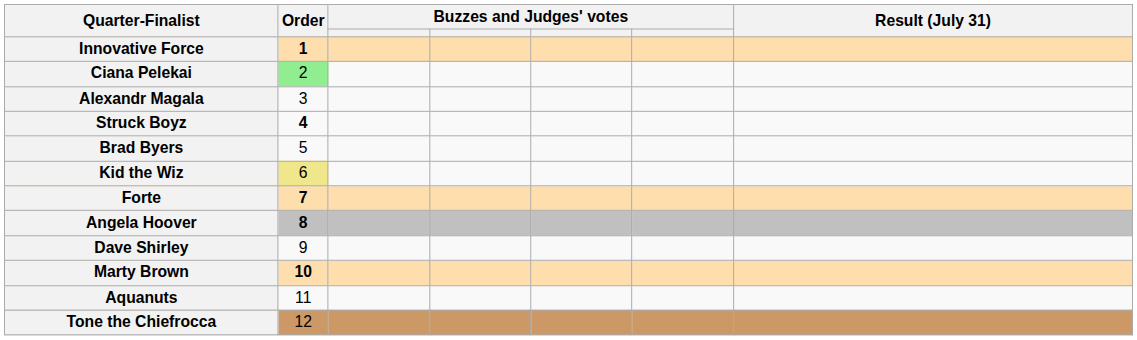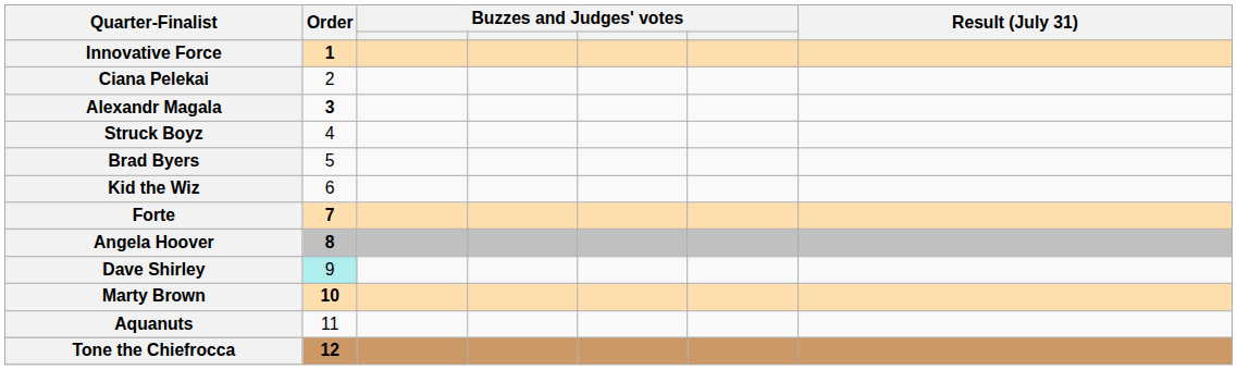 <table class="wikitable plainrowheaders sortable" style="text-align:center;">
 <tr>
 <th scope="col" rowspan="2" class="unsortable" style="width:17em;">Quarter-Finalist</th>
 <th scope="col" rowspan="2" style="width:1em;">Order</th>
 <th scope="col" colspan="4" class="unsortable" style="width:24em;">Buzzes and Judges' votes</th>
 <th scope="col" rowspan="2" style="width:25em;">Result (July 31)</th>
 </tr>
 <tr>
 <th scope="col" class="unsortable" style="width:6em;"></th>
 <th scope="col" class="unsortable" style="width:6em;"></th>
 <th scope="col" class="unsortable" style="width:6em;"></th>
 <th scope="col" class="unsortable" style="width:6em;"></th>
 </tr>
 <tr style="background:NavajoWhite">
 <th scope="row"><strong>Innovative Force</strong></th>
 <td><strong>1</strong></td>
 <td style="text-align:center;"></td>
 <td style="text-align:center;"></td>
 <td style="text-align:center;"></td>
 <td style="text-align:center;"></td>
 <td><strong></strong></td>
 </tr>
 <tr>
 <th scope="row">Ciana Pelekai</th>
-<td style="background: lightgreen;">2</td>
+<td>2</td>
 <td style="text-align:center;"></td>
 <td style="text-align:center;"></td>
 <td style="text-align:center;"></td>
 <td style="text-align:center;"></td>
 <td></td>
 </tr>
 <tr>
 <th scope="row">Alexandr Magala</th>
-<td>3</td>
+<td><strong>3</strong></td>
 <td style="text-align:center;"></td>
 <td style="text-align:center;"></td>
 <td style="text-align:center;"></td>
 <td style="text-align:center;"></td>
 <td></td>
 </tr>
 <tr>
 <th scope="row">Struck Boyz</th>
-<td><strong>4</strong></td>
+<td>4</td>
 <td style="text-align:center;"></td>
 <td style="text-align:center;"></td>
 <td style="text-align:center;"></td>
 <td style="text-align:center;"></td>
 <td></td>
 </tr>
 <tr>
 <th scope="row">Brad Byers</th>
 <td>5</td>
 <td style="text-align:center;"></td>
 <td style="text-align:center;"></td>
 <td style="text-align:center;"></td>
 <td style="text-align:center;"></td>
 <td></td>
 </tr>
 <tr>
 <th scope="row">Kid the Wiz</th>
-<td style="background: khaki;">6</td>
+<td>6</td>
 <td style="text-align:center;"></td>
 <td style="text-align:center;"></td>
 <td style="text-align:center;"></td>
 <td style="text-align:center;"></td>
 <td></td>
 </tr>
 <tr style="background:NavajoWhite">
 <th scope="row"><strong>Forte</strong></th>
 <td><strong>7</strong></td>
 <td style="text-align:center;"></td>
 <td style="text-align:center;"></td>
 <td style="text-align:center;"></td>
 <td style="text-align:center;"></td>
 <td><strong></strong></td>
 </tr>
 <tr style="background:silver">
 <th scope="row"><strong>Angela Hoover</strong></th>
 <td><strong>8</strong></td>
 <td style="text-align:center;"></td>
 <td style="text-align:center;"></td>
 <td style="text-align:center;"></td>
 <td style="text-align:center;"></td>
 <td><strong></strong></td>
 </tr>
 <tr>
 <th scope="row">Dave Shirley</th>
-<td>9</td>
+<td style="background: paleturquoise;">9</td>
 <td style="text-align:center;"></td>
 <td style="text-align:center;"></td>
 <td style="text-align:center;"></td>
 <td style="text-align:center;"></td>
 <td></td>
 </tr>
 <tr style="background:NavajoWhite">
 <th scope="row"><strong>Marty Brown</strong></th>
 <td><strong>10</strong></td>
 <td style="text-align:center;"></td>
 <td style="text-align:center;"></td>
 <td style="text-align:center;"></td>
 <td style="text-align:center;"></td>
 <td><strong></strong></td>
 </tr>
 <tr>
 <th scope="row">Aquanuts </th>
 <td>11</td>
 <td style="text-align:center;"></td>
 <td style="text-align:center;"></td>
 <td style="text-align:center;"></td>
 <td style="text-align:center;"></td>
 <td></td>
 </tr>
 <tr style="background:#c96">
 <th scope="row">Tone the Chiefrocca </th>
-<td>12</td>
+<td><strong>12</strong></td>
 <td style="text-align:center;"></td>
 <td style="text-align:center;"></td>
 <td style="text-align:center;"></td>
 <td style="text-align:center;"></td>
 <td></td>
 </tr>
 </table>
